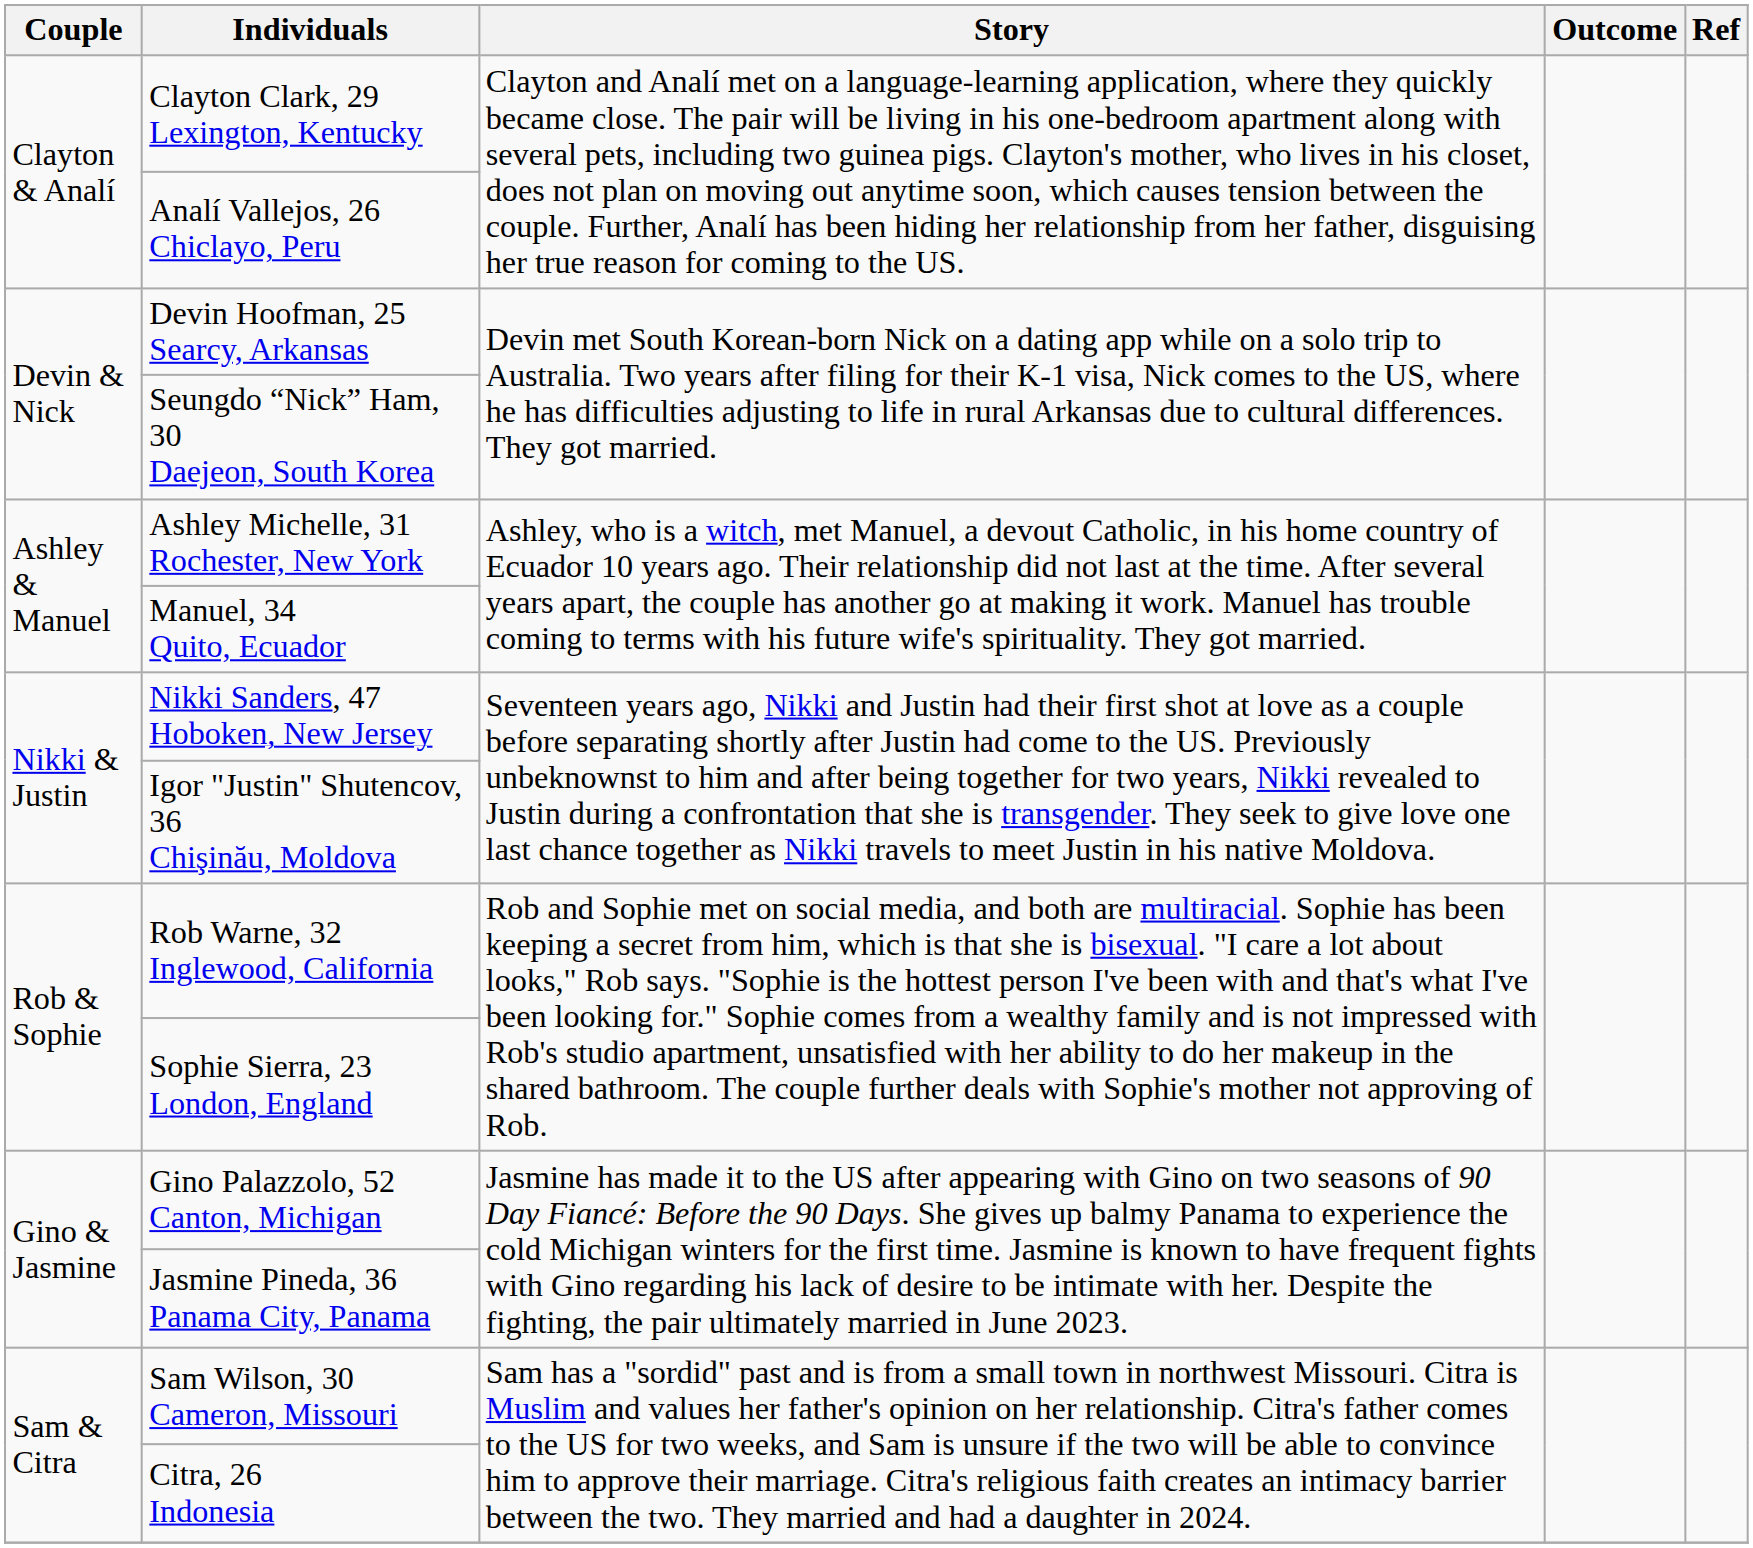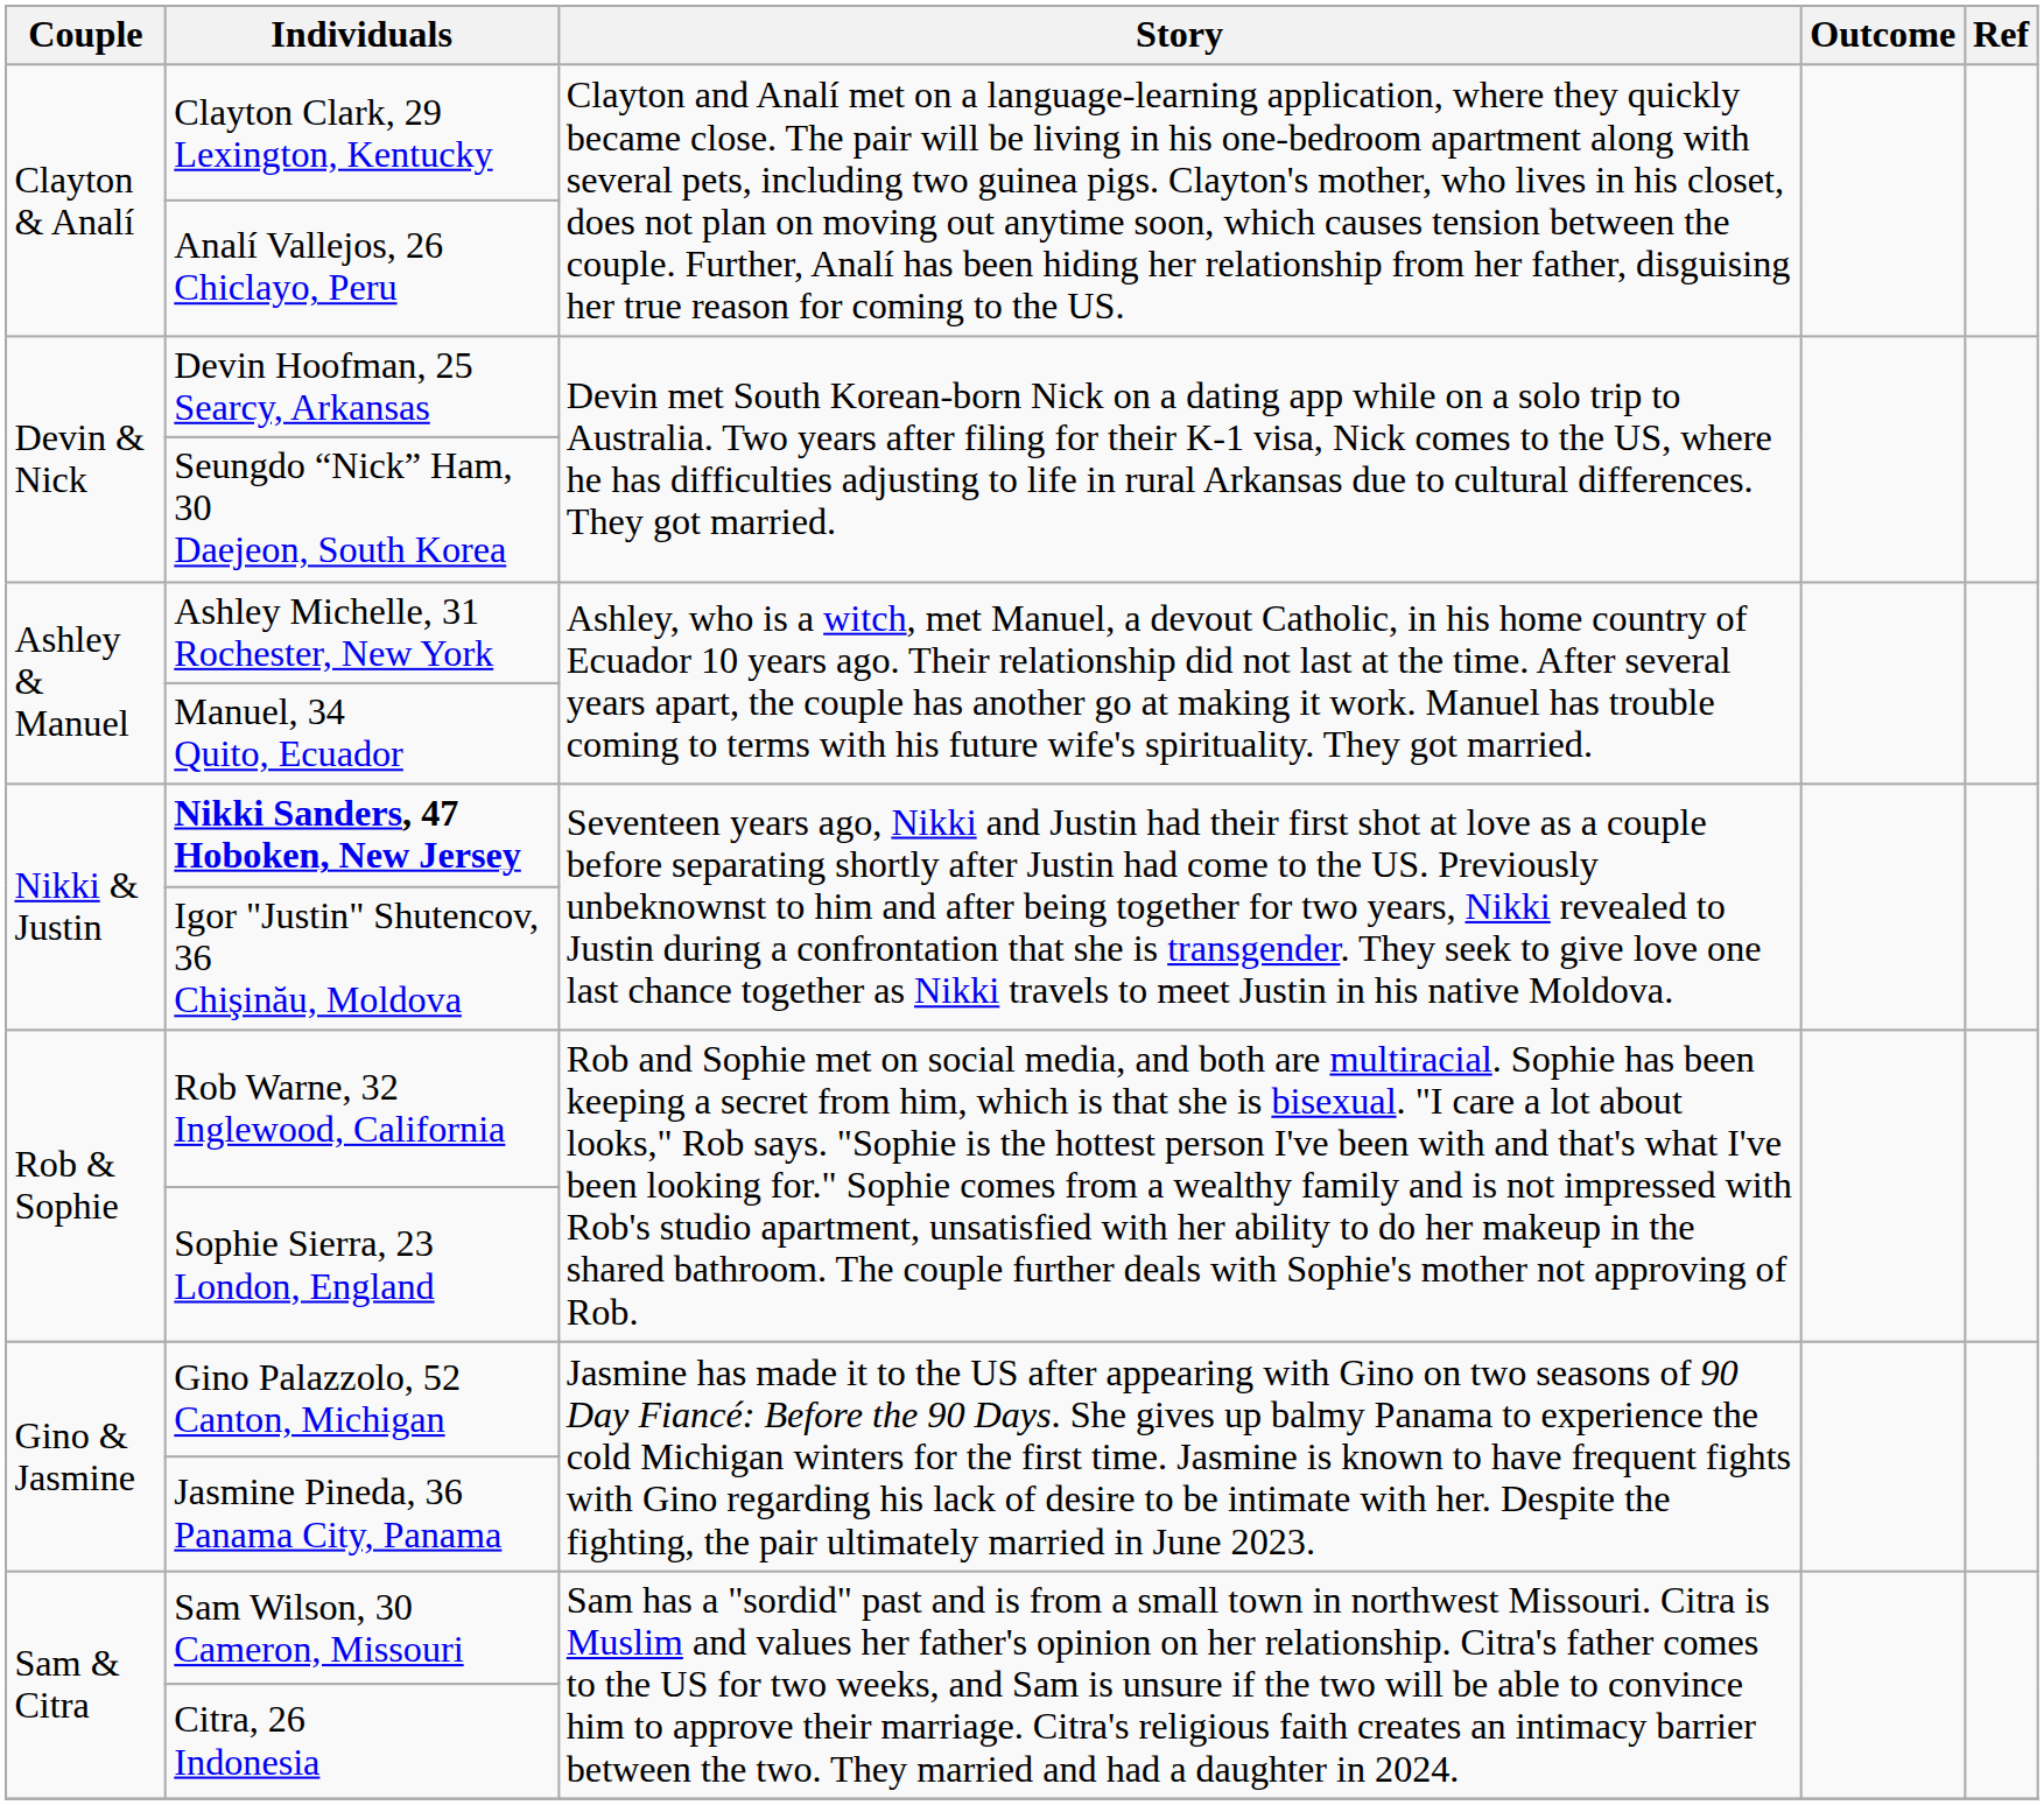 <table class="wikitable sortable">
 <tr>
 <th>Couple</th>
 <th style=width:10em>Individuals</th>
 <th>Story</th>
 <th>Outcome</th>
 <th style=width:1em>Ref</th>
 </tr>
 <tr>
 <td rowspan="2">Clayton & Analí</td>
 <td>Clayton Clark, 29<br><a href='#'>Lexington, Kentucky</a></td>
 <td rowspan="2">Clayton and Analí met on a language-learning application, where they quickly became close. The pair will be living in his one-bedroom apartment along with several pets, including two guinea pigs. Clayton's mother, who lives in his closet, does not plan on moving out anytime soon, which causes tension between the couple. Further, Analí has been hiding her relationship from her father, disguising her true reason for coming to the US.</td>
 <td rowspan="2"></td>
 <td rowspan="2"></td>
 </tr>
 <tr>
 <td>Analí Vallejos, 26<br><a href='#'>Chiclayo, Peru</a></td>
 </tr>
 <tr>
 <td rowspan="2">Devin & Nick</td>
 <td>Devin Hoofman, 25<br><a href='#'>Searcy, Arkansas</a></td>
 <td rowspan="2">Devin met South Korean-born Nick on a dating app while on a solo trip to Australia. Two years after filing for their K-1 visa, Nick comes to the US, where he has difficulties adjusting to life in rural Arkansas due to cultural differences. They got married.</td>
 <td rowspan="2"></td>
 <td rowspan="2"></td>
 </tr>
 <tr>
 <td>Seungdo “Nick” Ham, 30<br><a href='#'>Daejeon, South Korea</a></td>
 </tr>
 <tr>
 <td rowspan="2">Ashley & Manuel</td>
 <td>Ashley Michelle, 31<br><a href='#'>Rochester, New York</a></td>
 <td rowspan="2">Ashley, who is a <a href='#'>witch</a>, met Manuel, a devout Catholic, in his home country of Ecuador 10 years ago. Their relationship did not last at the time. After several years apart, the couple has another go at making it work. Manuel has trouble coming to terms with his future wife's spirituality. They got married.</td>
 <td rowspan="2"></td>
 <td rowspan="2"></td>
 </tr>
 <tr>
 <td>Manuel, 34<br><a href='#'>Quito, Ecuador</a></td>
 </tr>
 <tr>
 <td rowspan="2"><a href='#'>Nikki</a> & Justin</td>
-<td><a href='#'>Nikki Sanders</a>, 47<br><a href='#'>Hoboken, New Jersey</a></td>
+<td><strong><a href='#'>Nikki Sanders</a>, 47<br><a href='#'>Hoboken, New Jersey</a></strong></td>
 <td rowspan="2">Seventeen years ago, <a href='#'>Nikki</a> and Justin had their first shot at love as a couple before separating shortly after Justin had come to the US. Previously unbeknownst to him and after being together for two years, <a href='#'>Nikki</a> revealed to Justin during a confrontation that she is <a href='#'>transgender</a>. They seek to give love one last chance together as <a href='#'>Nikki</a> travels to meet Justin in his native Moldova.</td>
 <td rowspan="2"></td>
 <td rowspan="2"></td>
 </tr>
 <tr>
 <td>Igor "Justin" Shutencov, 36<br><a href='#'>Chişinău, Moldova</a></td>
 </tr>
 <tr>
 <td rowspan="2">Rob & Sophie</td>
 <td>Rob Warne, 32<br><a href='#'>Inglewood, California</a></td>
 <td rowspan="2">Rob and Sophie met on social media, and both are <a href='#'>multiracial</a>. Sophie has been keeping a secret from him, which is that she is <a href='#'>bisexual</a>. "I care a lot about looks," Rob says. "Sophie is the hottest person I've been with and that's what I've been looking for." Sophie comes from a wealthy family and is not impressed with Rob's studio apartment, unsatisfied with her ability to do her makeup in the shared bathroom. The couple further deals with Sophie's mother not approving of Rob.</td>
 <td rowspan="2"></td>
 <td rowspan="2"></td>
 </tr>
 <tr>
 <td>Sophie Sierra, 23<br><a href='#'>London, England</a></td>
 </tr>
 <tr>
 <td rowspan="2">Gino & Jasmine</td>
 <td>Gino Palazzolo, 52<br><a href='#'>Canton, Michigan</a></td>
 <td rowspan="2">Jasmine has made it to the US after appearing with Gino on two seasons of <em>90 Day Fiancé: Before the 90 Days</em>. She gives up balmy Panama to experience the cold Michigan winters for the first time. Jasmine is known to have frequent fights with Gino regarding his lack of desire to be intimate with her. Despite the fighting, the pair ultimately married in June 2023.</td>
 <td rowspan="2"></td>
 <td rowspan="2"></td>
 </tr>
 <tr>
 <td>Jasmine Pineda, 36<br><a href='#'>Panama City, Panama</a></td>
 </tr>
 <tr>
 <td rowspan="2">Sam & Citra</td>
 <td>Sam Wilson, 30<br><a href='#'>Cameron, Missouri</a></td>
 <td rowspan="2">Sam has a "sordid" past and is from a small town in northwest Missouri. Citra is <a href='#'>Muslim</a> and values her father's opinion on her relationship. Citra's father comes to the US for two weeks, and Sam is unsure if the two will be able to convince him to approve their marriage. Citra's religious faith creates an intimacy barrier between the two. They married and had a daughter in 2024.</td>
 <td rowspan="2"></td>
 <td rowspan="2"></td>
 </tr>
 <tr>
 <td>Citra, 26<br><a href='#'>Indonesia</a></td>
 </tr>
 <tr>
 </tr>
 </table>
